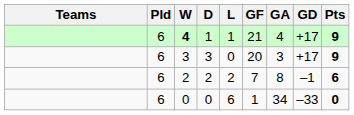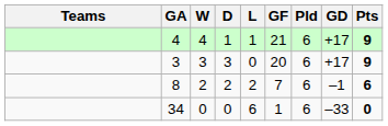 <table class="wikitable" style="text-align: center;">
 <tr>
 <th width=165>Teams</th>
-<th width=20>Pld</th>
+<th width=20>GA</th>
 <th width=20>W</th>
 <th width=20>D</th>
 <th width=20>L</th>
 <th width=20>GF</th>
-<th width=20>GA</th>
+<th width=20>Pld</th>
 <th width=20>GD</th>
 <th width=20>Pts</th>
 </tr>
 <tr align=center style="background:#ccffcc;">
 <td style="text-align:left;"></td>
-<td>6</td>
-<td><strong>4</strong></td>
+<td>4</td>
+<td>4</td>
 <td>1</td>
 <td>1</td>
 <td>21</td>
-<td>4</td>
+<td>6</td>
 <td>+17</td>
 <td><strong>9</strong></td>
 </tr>
 <tr align=center>
 <td style="text-align:left;"></td>
-<td>6</td>
+<td>3</td>
 <td>3</td>
 <td>3</td>
 <td>0</td>
 <td>20</td>
-<td>3</td>
+<td>6</td>
 <td>+17</td>
 <td><strong>9</strong></td>
 </tr>
 <tr align=center>
 <td style="text-align:left;"></td>
-<td>6</td>
+<td>8</td>
 <td>2</td>
 <td>2</td>
 <td>2</td>
 <td>7</td>
-<td>8</td>
+<td>6</td>
 <td>–1</td>
 <td><strong>6</strong></td>
 </tr>
 <tr align=center>
 <td style="text-align:left;"></td>
-<td>6</td>
+<td>34</td>
 <td>0</td>
 <td>0</td>
 <td>6</td>
 <td>1</td>
-<td>34</td>
+<td>6</td>
 <td>–33</td>
 <td><strong>0</strong></td>
 </tr>
 </table>
